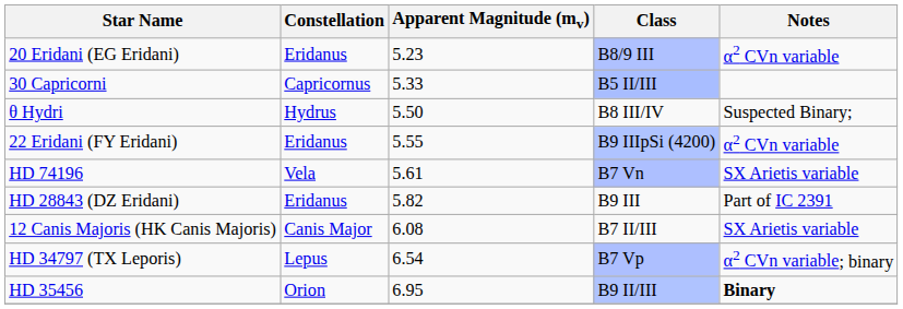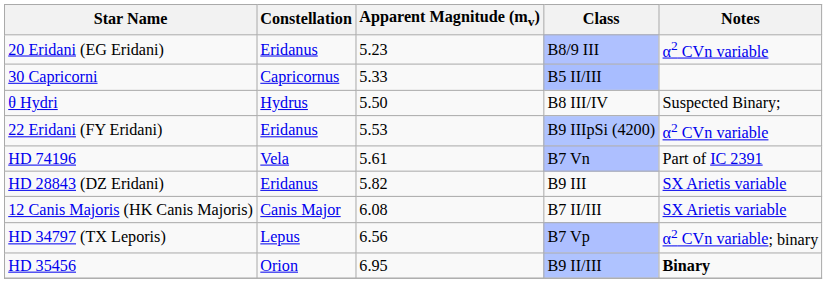 <table class="wikitable sortable">
 <tr>
 <th>Star Name</th>
 <th>Constellation</th>
 <th>Apparent Magnitude (m<sub>v</sub>)</th>
 <th>Class</th>
 <th>Notes</th>
 </tr>
 <tr>
 <td><a href='#'>20 Eridani</a> (EG Eridani)</td>
 <td><a href='#'>Eridanus</a></td>
 <td>5.23</td>
 <td bgcolor=#AFC1FF>B8/9 III</td>
 <td><a href='#'>α<sup>2</sup> CVn variable</a></td>
 </tr>
 <tr>
 <td><a href='#'>30 Capricorni</a></td>
 <td><a href='#'>Capricornus</a></td>
 <td>5.33</td>
 <td bgcolor=#A8BDFF>B5 II/III</td>
 <td></td>
 </tr>
 <tr>
 <td><a href='#'>θ Hydri</a></td>
 <td><a href='#'>Hydrus</a></td>
 <td>5.50</td>
 <td>B8 III/IV</td>
 <td>Suspected Binary;</td>
 </tr>
 <tr>
 <td><a href='#'>22 Eridani</a> (FY Eridani)</td>
 <td><a href='#'>Eridanus</a></td>
-<td>5.55</td>
+<td>5.53</td>
 <td bgcolor=#AFC3FF>B9 IIIpSi (4200)</td>
 <td><a href='#'>α<sup>2</sup> CVn variable</a></td>
 </tr>
 <tr>
 <td><a href='#'>HD 74196</a></td>
 <td><a href='#'>Vela</a></td>
 <td>5.61</td>
 <td bgcolor=#ADBFFF>B7 Vn</td>
-<td><a href='#'>SX Arietis variable</a></td>
+<td>Part of <a href='#'>IC 2391</a></td>
 </tr>
 <tr>
 <td><a href='#'>HD 28843</a> (DZ Eridani)</td>
 <td><a href='#'>Eridanus</a></td>
 <td>5.82</td>
 <td>B9 III</td>
-<td>Part of <a href='#'>IC 2391</a></td>
+<td><a href='#'>SX Arietis variable</a></td>
 </tr>
 <tr>
 <td><a href='#'>12 Canis Majoris</a> (HK Canis Majoris)</td>
 <td><a href='#'>Canis Major</a></td>
 <td>6.08</td>
 <td>B7 II/III</td>
 <td><a href='#'>SX Arietis variable</a></td>
 </tr>
 <tr>
 <td><a href='#'>HD 34797</a> (TX Leporis)</td>
 <td><a href='#'>Lepus</a></td>
-<td>6.54</td>
+<td>6.56</td>
 <td bgcolor=#adbfff>B7 Vp</td>
 <td><a href='#'>α<sup>2</sup> CVn variable</a>; binary</td>
 </tr>
 <tr>
 <td><a href='#'>HD 35456</a></td>
 <td><a href='#'>Orion</a></td>
 <td>6.95</td>
 <td bgcolor=#AFC3FF>B9 II/III</td>
 <td><strong>Binary</strong></td>
 </tr>
 <tr>
 </tr>
 </table>
